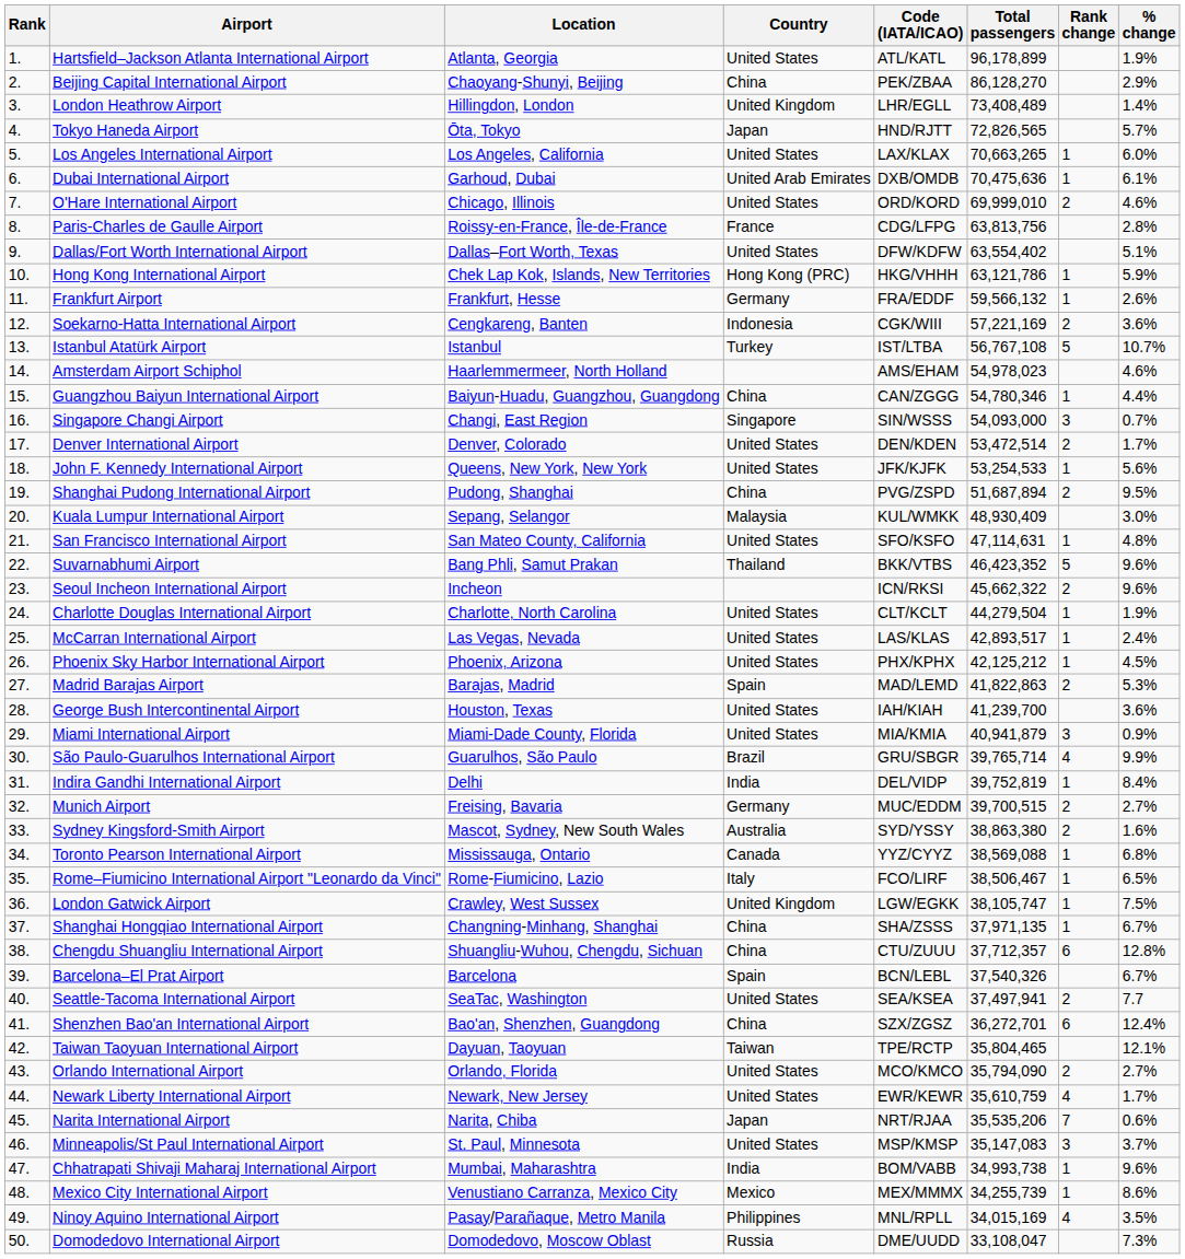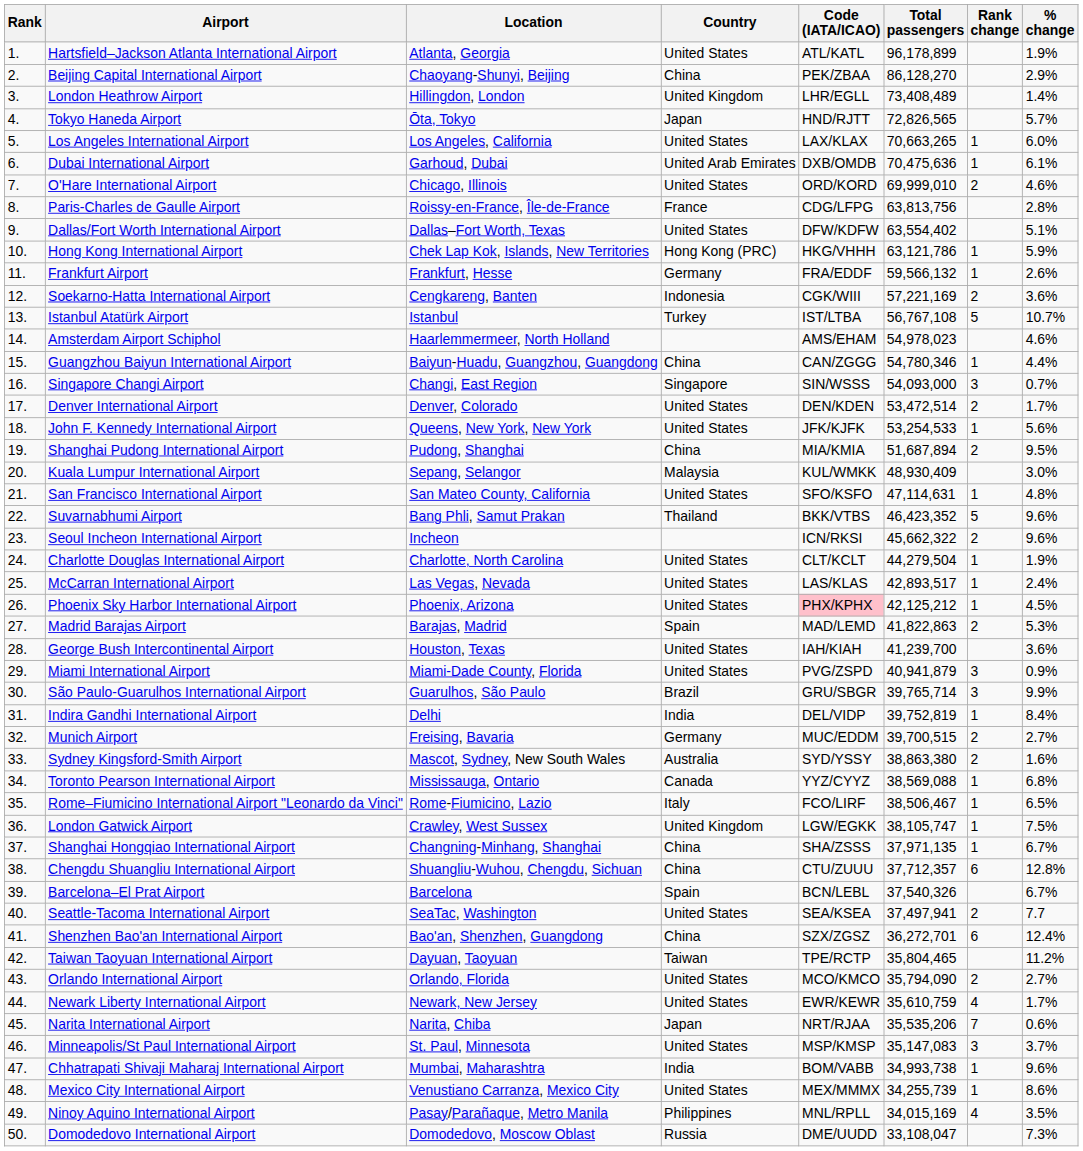 <table class="wikitable sortable" style="-size: 85%" width= align=>
 <tr style="background:lightgrey;">
 <th>Rank</th>
 <th>Airport</th>
 <th>Location</th>
 <th>Country</th>
 <th>Code<br>(IATA/ICAO)</th>
 <th>Total<br>passengers</th>
 <th>Rank<br>change</th>
 <th>%<br>change</th>
 </tr>
 <tr>
 <td>1.</td>
 <td> <a href='#'>Hartsfield–Jackson Atlanta International Airport</a></td>
 <td><a href='#'>Atlanta</a>, <a href='#'>Georgia</a></td>
 <td>United States</td>
 <td>ATL/KATL</td>
 <td>96,178,899</td>
 <td></td>
 <td>1.9%</td>
 </tr>
 <tr>
 <td>2.</td>
 <td> <a href='#'>Beijing Capital International Airport</a></td>
 <td><a href='#'>Chaoyang</a>-<a href='#'>Shunyi</a>, <a href='#'>Beijing</a></td>
 <td>China</td>
 <td>PEK/ZBAA</td>
 <td>86,128,270</td>
 <td></td>
 <td>2.9%</td>
 </tr>
 <tr>
 <td>3.</td>
 <td> <a href='#'>London Heathrow Airport</a></td>
 <td><a href='#'>Hillingdon</a>, <a href='#'>London</a></td>
 <td>United Kingdom</td>
 <td>LHR/EGLL</td>
 <td>73,408,489</td>
 <td></td>
 <td>1.4%</td>
 </tr>
 <tr>
 <td>4.</td>
 <td> <a href='#'>Tokyo Haneda Airport</a></td>
 <td><a href='#'>Ōta, Tokyo</a></td>
 <td>Japan</td>
 <td>HND/RJTT</td>
 <td>72,826,565</td>
 <td></td>
 <td>5.7%</td>
 </tr>
 <tr>
 <td>5.</td>
 <td> <a href='#'>Los Angeles International Airport</a></td>
 <td><a href='#'>Los Angeles</a>, <a href='#'>California</a></td>
 <td>United States</td>
 <td>LAX/KLAX</td>
 <td>70,663,265</td>
 <td>1</td>
 <td>6.0%</td>
 </tr>
 <tr>
 <td>6.</td>
 <td> <a href='#'>Dubai International Airport</a></td>
 <td><a href='#'>Garhoud</a>, <a href='#'>Dubai</a></td>
 <td>United Arab Emirates</td>
 <td>DXB/OMDB</td>
 <td>70,475,636</td>
 <td>1</td>
 <td>6.1%</td>
 </tr>
 <tr>
 <td>7.</td>
 <td> <a href='#'>O'Hare International Airport</a></td>
 <td><a href='#'>Chicago</a>, <a href='#'>Illinois</a></td>
 <td>United States</td>
 <td>ORD/KORD</td>
 <td>69,999,010</td>
 <td>2</td>
 <td>4.6%</td>
 </tr>
 <tr>
 <td>8.</td>
 <td> <a href='#'>Paris-Charles de Gaulle Airport</a></td>
 <td><a href='#'>Roissy-en-France</a>, <a href='#'>Île-de-France</a></td>
 <td>France</td>
 <td>CDG/LFPG</td>
 <td>63,813,756</td>
 <td></td>
 <td>2.8%</td>
 </tr>
 <tr>
 <td>9.</td>
 <td> <a href='#'>Dallas/Fort Worth International Airport</a></td>
 <td><a href='#'>Dallas</a>–<a href='#'>Fort Worth, Texas</a></td>
 <td>United States</td>
 <td>DFW/KDFW</td>
 <td>63,554,402</td>
 <td></td>
 <td>5.1%</td>
 </tr>
 <tr>
 <td>10.</td>
 <td> <a href='#'>Hong Kong International Airport</a></td>
 <td><a href='#'>Chek Lap Kok</a>, <a href='#'>Islands</a>, <a href='#'>New Territories</a></td>
 <td>Hong Kong (PRC)</td>
 <td>HKG/VHHH</td>
 <td>63,121,786</td>
 <td>1</td>
 <td>5.9%</td>
 </tr>
 <tr>
 <td>11.</td>
 <td> <a href='#'>Frankfurt Airport</a></td>
 <td><a href='#'>Frankfurt</a>, <a href='#'>Hesse</a></td>
 <td>Germany</td>
 <td>FRA/EDDF</td>
 <td>59,566,132</td>
 <td>1</td>
 <td>2.6%</td>
 </tr>
 <tr>
 <td>12.</td>
 <td> <a href='#'>Soekarno-Hatta International Airport</a></td>
 <td><a href='#'>Cengkareng</a>, <a href='#'>Banten</a></td>
 <td>Indonesia</td>
 <td>CGK/WIII</td>
 <td>57,221,169</td>
 <td>2</td>
 <td>3.6%</td>
 </tr>
 <tr>
 <td>13.</td>
 <td> <a href='#'>Istanbul Atatürk Airport</a></td>
 <td><a href='#'>Istanbul</a></td>
 <td>Turkey</td>
 <td>IST/LTBA</td>
 <td>56,767,108</td>
 <td>5</td>
 <td>10.7%</td>
 </tr>
 <tr>
 <td>14.</td>
 <td> <a href='#'>Amsterdam Airport Schiphol</a></td>
 <td><a href='#'>Haarlemmermeer</a>, <a href='#'>North Holland</a></td>
 <td></td>
 <td>AMS/EHAM</td>
 <td>54,978,023</td>
 <td></td>
 <td>4.6%</td>
 </tr>
 <tr>
 <td>15.</td>
 <td> <a href='#'>Guangzhou Baiyun International Airport</a></td>
 <td><a href='#'>Baiyun</a>-<a href='#'>Huadu</a>, <a href='#'>Guangzhou</a>, <a href='#'>Guangdong</a></td>
 <td>China</td>
 <td>CAN/ZGGG</td>
 <td>54,780,346</td>
 <td>1</td>
 <td>4.4%</td>
 </tr>
 <tr>
 <td>16.</td>
 <td> <a href='#'>Singapore Changi Airport</a></td>
 <td><a href='#'>Changi</a>, <a href='#'>East Region</a></td>
 <td>Singapore</td>
 <td>SIN/WSSS</td>
 <td>54,093,000</td>
 <td>3</td>
 <td>0.7%</td>
 </tr>
 <tr>
 <td>17.</td>
 <td> <a href='#'>Denver International Airport</a></td>
 <td><a href='#'>Denver</a>, <a href='#'>Colorado</a></td>
 <td>United States</td>
 <td>DEN/KDEN</td>
 <td>53,472,514</td>
 <td>2</td>
 <td>1.7%</td>
 </tr>
 <tr>
 <td>18.</td>
 <td> <a href='#'>John F. Kennedy International Airport</a></td>
 <td><a href='#'>Queens</a>, <a href='#'>New York</a>, <a href='#'>New York</a></td>
 <td>United States</td>
 <td>JFK/KJFK</td>
 <td>53,254,533</td>
 <td>1</td>
 <td>5.6%</td>
 </tr>
 <tr>
 <td>19.</td>
 <td> <a href='#'>Shanghai Pudong International Airport</a></td>
 <td><a href='#'>Pudong</a>, <a href='#'>Shanghai</a></td>
 <td>China</td>
-<td>PVG/ZSPD</td>
+<td>MIA/KMIA</td>
 <td>51,687,894</td>
 <td>2</td>
 <td>9.5%</td>
 </tr>
 <tr>
 <td>20.</td>
 <td> <a href='#'>Kuala Lumpur International Airport</a></td>
 <td><a href='#'>Sepang</a>, <a href='#'>Selangor</a></td>
 <td>Malaysia</td>
 <td>KUL/WMKK</td>
 <td>48,930,409</td>
 <td></td>
 <td>3.0%</td>
 </tr>
 <tr>
 <td>21.</td>
 <td> <a href='#'>San Francisco International Airport</a></td>
 <td><a href='#'>San Mateo County, California</a></td>
 <td>United States</td>
 <td>SFO/KSFO</td>
 <td>47,114,631</td>
 <td>1</td>
 <td>4.8%</td>
 </tr>
 <tr>
 <td>22.</td>
 <td> <a href='#'>Suvarnabhumi Airport</a></td>
 <td><a href='#'>Bang Phli</a>, <a href='#'>Samut Prakan</a></td>
 <td>Thailand</td>
 <td>BKK/VTBS</td>
 <td>46,423,352</td>
 <td>5</td>
 <td>9.6%</td>
 </tr>
 <tr>
 <td>23.</td>
 <td> <a href='#'>Seoul Incheon International Airport</a></td>
 <td><a href='#'>Incheon</a></td>
 <td></td>
 <td>ICN/RKSI</td>
 <td>45,662,322</td>
 <td>2</td>
 <td>9.6%</td>
 </tr>
 <tr>
 <td>24.</td>
 <td> <a href='#'>Charlotte Douglas International Airport</a></td>
 <td><a href='#'>Charlotte, North Carolina</a></td>
 <td>United States</td>
 <td>CLT/KCLT</td>
 <td>44,279,504</td>
 <td>1</td>
 <td>1.9%</td>
 </tr>
 <tr>
 <td>25.</td>
 <td> <a href='#'>McCarran International Airport</a></td>
 <td><a href='#'>Las Vegas</a>, <a href='#'>Nevada</a></td>
 <td>United States</td>
 <td>LAS/KLAS</td>
 <td>42,893,517</td>
 <td>1</td>
 <td>2.4%</td>
 </tr>
 <tr>
 <td>26.</td>
 <td> <a href='#'>Phoenix Sky Harbor International Airport</a></td>
 <td><a href='#'>Phoenix, Arizona</a></td>
 <td>United States</td>
-<td>PHX/KPHX</td>
+<td style="background: pink;">PHX/KPHX</td>
 <td>42,125,212</td>
 <td>1</td>
 <td>4.5%</td>
 </tr>
 <tr>
 <td>27.</td>
 <td> <a href='#'>Madrid Barajas Airport</a></td>
 <td><a href='#'>Barajas</a>, <a href='#'>Madrid</a></td>
 <td>Spain</td>
 <td>MAD/LEMD</td>
 <td>41,822,863</td>
 <td>2</td>
 <td>5.3%</td>
 </tr>
 <tr>
 <td>28.</td>
 <td> <a href='#'>George Bush Intercontinental Airport</a></td>
 <td><a href='#'>Houston</a>, <a href='#'>Texas</a></td>
 <td>United States</td>
 <td>IAH/KIAH</td>
 <td>41,239,700</td>
 <td></td>
 <td>3.6%</td>
 </tr>
 <tr>
 <td>29.</td>
 <td> <a href='#'>Miami International Airport</a></td>
 <td><a href='#'>Miami-Dade County</a>, <a href='#'>Florida</a></td>
 <td>United States</td>
-<td>MIA/KMIA</td>
+<td>PVG/ZSPD</td>
 <td>40,941,879</td>
 <td>3</td>
 <td>0.9%</td>
 </tr>
 <tr>
 <td>30.</td>
 <td> <a href='#'>São Paulo-Guarulhos International Airport</a></td>
 <td><a href='#'>Guarulhos</a>, <a href='#'>São Paulo</a></td>
 <td>Brazil</td>
 <td>GRU/SBGR</td>
 <td>39,765,714</td>
-<td>4</td>
+<td>3</td>
 <td>9.9%</td>
 </tr>
 <tr>
 <td>31.</td>
 <td> <a href='#'>Indira Gandhi International Airport</a></td>
 <td><a href='#'>Delhi</a></td>
 <td>India</td>
 <td>DEL/VIDP</td>
 <td>39,752,819</td>
 <td>1</td>
 <td>8.4%</td>
 </tr>
 <tr>
 <td>32.</td>
 <td> <a href='#'>Munich Airport</a></td>
 <td><a href='#'>Freising</a>, <a href='#'>Bavaria</a></td>
 <td>Germany</td>
 <td>MUC/EDDM</td>
 <td>39,700,515</td>
 <td>2</td>
 <td>2.7%</td>
 </tr>
 <tr>
 <td>33.</td>
 <td> <a href='#'>Sydney Kingsford-Smith Airport</a></td>
 <td><a href='#'>Mascot</a>, <a href='#'>Sydney</a>, New South Wales</td>
 <td>Australia</td>
 <td>SYD/YSSY</td>
 <td>38,863,380</td>
 <td>2</td>
 <td>1.6%</td>
 </tr>
 <tr>
 <td>34.</td>
 <td> <a href='#'>Toronto Pearson International Airport</a></td>
 <td><a href='#'>Mississauga</a>, <a href='#'>Ontario</a></td>
 <td>Canada</td>
 <td>YYZ/CYYZ</td>
 <td>38,569,088</td>
 <td>1</td>
 <td>6.8%</td>
 </tr>
 <tr>
 <td>35.</td>
 <td> <a href='#'>Rome–Fiumicino International Airport "Leonardo da Vinci"</a></td>
 <td><a href='#'>Rome</a>-<a href='#'>Fiumicino</a>, <a href='#'>Lazio</a></td>
 <td>Italy</td>
 <td>FCO/LIRF</td>
 <td>38,506,467</td>
 <td>1</td>
 <td>6.5%</td>
 </tr>
 <tr>
 <td>36.</td>
 <td> <a href='#'>London Gatwick Airport</a></td>
 <td><a href='#'>Crawley</a>, <a href='#'>West Sussex</a></td>
 <td>United Kingdom</td>
 <td>LGW/EGKK</td>
 <td>38,105,747</td>
 <td>1</td>
 <td>7.5%</td>
 </tr>
 <tr>
 <td>37.</td>
 <td> <a href='#'>Shanghai Hongqiao International Airport</a></td>
 <td><a href='#'>Changning</a>-<a href='#'>Minhang</a>, <a href='#'>Shanghai</a></td>
 <td>China</td>
 <td>SHA/ZSSS</td>
 <td>37,971,135</td>
 <td>1</td>
 <td>6.7%</td>
 </tr>
 <tr>
 <td>38.</td>
 <td> <a href='#'>Chengdu Shuangliu International Airport</a></td>
 <td><a href='#'>Shuangliu</a>-<a href='#'>Wuhou</a>, <a href='#'>Chengdu</a>, <a href='#'>Sichuan</a></td>
 <td>China</td>
 <td>CTU/ZUUU</td>
 <td>37,712,357</td>
 <td>6</td>
 <td>12.8%</td>
 </tr>
 <tr>
 <td>39.</td>
 <td> <a href='#'>Barcelona–El Prat Airport</a></td>
 <td><a href='#'>Barcelona</a></td>
 <td>Spain</td>
 <td>BCN/LEBL</td>
 <td>37,540,326</td>
 <td></td>
 <td>6.7%</td>
 </tr>
 <tr>
 <td>40.</td>
 <td> <a href='#'>Seattle-Tacoma International Airport</a></td>
 <td><a href='#'>SeaTac</a>, <a href='#'>Washington</a></td>
 <td>United States</td>
 <td>SEA/KSEA</td>
 <td>37,497,941</td>
 <td>2</td>
 <td>7.7</td>
 </tr>
 <tr>
 <td>41.</td>
 <td> <a href='#'>Shenzhen Bao'an International Airport</a></td>
 <td><a href='#'>Bao'an</a>, <a href='#'>Shenzhen</a>, <a href='#'>Guangdong</a></td>
 <td>China</td>
 <td>SZX/ZGSZ</td>
 <td>36,272,701</td>
 <td>6</td>
 <td>12.4%</td>
 </tr>
 <tr>
 <td>42.</td>
 <td> <a href='#'>Taiwan Taoyuan International Airport</a></td>
 <td><a href='#'>Dayuan</a>, <a href='#'>Taoyuan</a></td>
 <td>Taiwan</td>
 <td>TPE/RCTP</td>
 <td>35,804,465</td>
 <td></td>
-<td>12.1%</td>
+<td>11.2%</td>
 </tr>
 <tr>
 <td>43.</td>
 <td> <a href='#'>Orlando International Airport</a></td>
 <td><a href='#'>Orlando, Florida</a></td>
 <td>United States</td>
 <td>MCO/KMCO</td>
 <td>35,794,090</td>
 <td>2</td>
 <td>2.7%</td>
 </tr>
 <tr>
 <td>44.</td>
 <td> <a href='#'>Newark Liberty International Airport</a></td>
 <td><a href='#'>Newark, New Jersey</a></td>
 <td>United States</td>
 <td>EWR/KEWR</td>
 <td>35,610,759</td>
 <td>4</td>
 <td>1.7%</td>
 </tr>
 <tr>
 <td>45.</td>
 <td> <a href='#'>Narita International Airport</a></td>
 <td><a href='#'>Narita</a>, <a href='#'>Chiba</a></td>
 <td>Japan</td>
 <td>NRT/RJAA</td>
 <td>35,535,206</td>
 <td>7</td>
 <td>0.6%</td>
 </tr>
 <tr>
 <td>46.</td>
 <td> <a href='#'>Minneapolis/St Paul International Airport</a></td>
 <td><a href='#'>St. Paul</a>, <a href='#'>Minnesota</a></td>
 <td>United States</td>
 <td>MSP/KMSP</td>
 <td>35,147,083</td>
 <td>3</td>
 <td>3.7%</td>
 </tr>
 <tr>
 <td>47.</td>
 <td> <a href='#'>Chhatrapati Shivaji Maharaj International Airport</a></td>
 <td><a href='#'>Mumbai</a>, <a href='#'>Maharashtra</a></td>
 <td>India</td>
 <td>BOM/VABB</td>
 <td>34,993,738</td>
 <td>1</td>
 <td>9.6%</td>
 </tr>
 <tr>
 <td>48.</td>
 <td> <a href='#'>Mexico City International Airport</a></td>
 <td><a href='#'>Venustiano Carranza</a>, <a href='#'>Mexico City</a></td>
-<td>Mexico</td>
+<td>United States</td>
 <td>MEX/MMMX</td>
 <td>34,255,739</td>
 <td>1</td>
 <td>8.6%</td>
 </tr>
 <tr>
 <td>49.</td>
 <td> <a href='#'>Ninoy Aquino International Airport</a></td>
 <td><a href='#'>Pasay</a>/<a href='#'>Parañaque</a>, <a href='#'>Metro Manila</a></td>
 <td>Philippines</td>
 <td>MNL/RPLL</td>
 <td>34,015,169</td>
 <td>4</td>
 <td>3.5%</td>
 </tr>
 <tr>
 <td>50.</td>
 <td> <a href='#'>Domodedovo International Airport</a></td>
 <td><a href='#'>Domodedovo</a>, <a href='#'>Moscow Oblast</a></td>
 <td>Russia</td>
 <td>DME/UUDD</td>
 <td>33,108,047</td>
 <td></td>
 <td>7.3%</td>
 </tr>
 </table>
